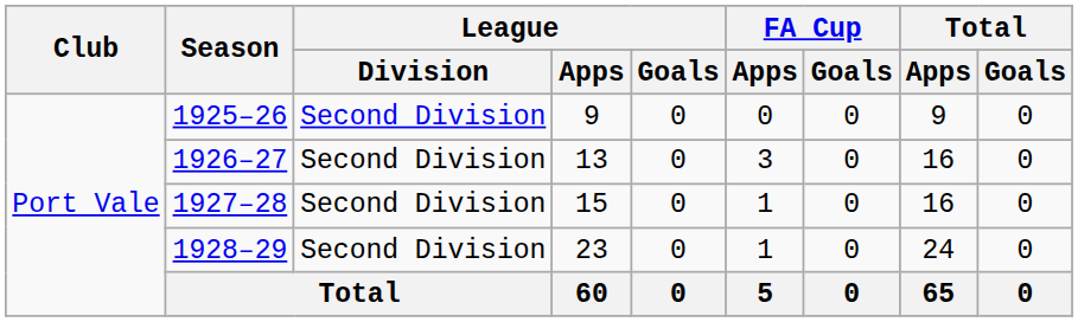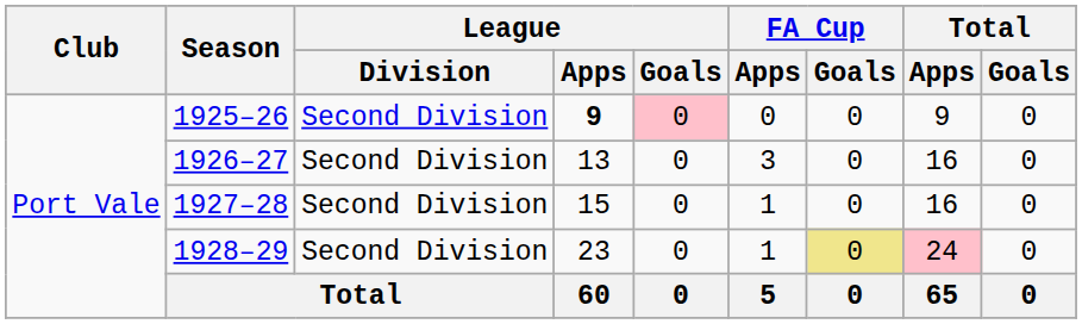 <table class="wikitable" style="text-align:center">
 <tr>
 <th rowspan="2">Club</th>
 <th rowspan="2">Season</th>
 <th colspan="3">League</th>
 <th colspan="2"><a href='#'>FA Cup</a></th>
 <th colspan="2">Total</th>
 </tr>
 <tr>
 <th>Division</th>
 <th>Apps</th>
 <th>Goals</th>
 <th>Apps</th>
 <th>Goals</th>
 <th>Apps</th>
 <th>Goals</th>
 </tr>
 <tr>
 <td rowspan="5"><a href='#'>Port Vale</a></td>
 <td><a href='#'>1925–26</a></td>
 <td><a href='#'>Second Division</a></td>
-<td>9</td>
-<td>0</td>
+<td><strong>9</strong></td>
+<td style="background: pink;">0</td>
 <td>0</td>
 <td>0</td>
 <td>9</td>
 <td>0</td>
 </tr>
 <tr>
 <td><a href='#'>1926–27</a></td>
 <td>Second Division</td>
 <td>13</td>
 <td>0</td>
 <td>3</td>
 <td>0</td>
 <td>16</td>
 <td>0</td>
 </tr>
 <tr>
 <td><a href='#'>1927–28</a></td>
 <td>Second Division</td>
 <td>15</td>
 <td>0</td>
 <td>1</td>
 <td>0</td>
 <td>16</td>
 <td>0</td>
 </tr>
 <tr>
 <td><a href='#'>1928–29</a></td>
 <td>Second Division</td>
 <td>23</td>
 <td>0</td>
 <td>1</td>
-<td>0</td>
-<td>24</td>
+<td style="background: khaki;">0</td>
+<td style="background: pink;">24</td>
 <td>0</td>
 </tr>
 <tr>
 <th colspan="2">Total</th>
 <th>60</th>
 <th>0</th>
 <th>5</th>
 <th>0</th>
 <th>65</th>
 <th>0</th>
 </tr>
 </table>
